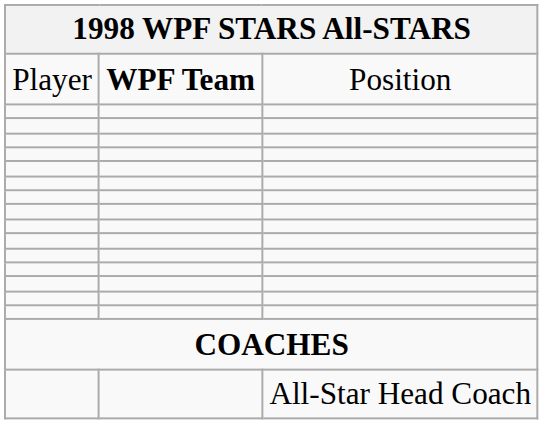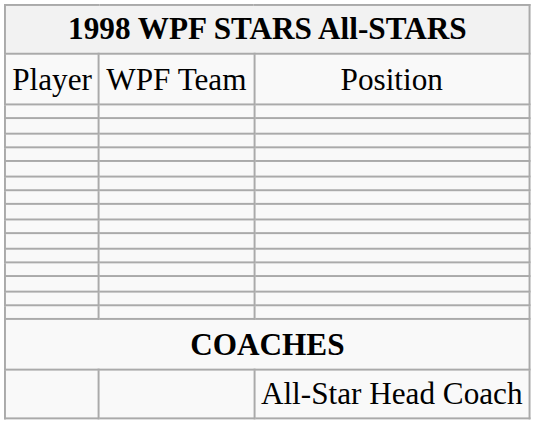 <table class="wikitable" style="text-align:center">
 <tr>
 <th colspan=3>1998 WPF STARS All-STARS</th>
 </tr>
 <tr>
 <td>Player</td>
-<td><strong>WPF Team</strong></td>
+<td>WPF Team</td>
 <td>Position</td>
 </tr>
 <tr>
 <td></td>
 <td></td>
 <td></td>
 </tr>
 <tr>
 <td></td>
 <td></td>
 <td></td>
 </tr>
 <tr>
 <td></td>
 <td></td>
 <td></td>
 </tr>
 <tr>
 <td></td>
 <td></td>
 <td></td>
 </tr>
 <tr>
 <td></td>
 <td></td>
 <td></td>
 </tr>
 <tr>
 <td></td>
 <td></td>
 <td></td>
 </tr>
 <tr>
 <td></td>
 <td></td>
 <td></td>
 </tr>
 <tr>
 <td></td>
 <td></td>
 <td></td>
 </tr>
 <tr>
 <td></td>
 <td></td>
 <td></td>
 </tr>
 <tr>
 <td></td>
 <td></td>
 <td></td>
 </tr>
 <tr>
 <td></td>
 <td></td>
 <td></td>
 </tr>
 <tr>
 <td></td>
 <td></td>
 <td></td>
 </tr>
 <tr>
 <td></td>
 <td></td>
 <td></td>
 </tr>
 <tr>
 <td></td>
 <td></td>
 <td></td>
 </tr>
 <tr>
 <td></td>
 <td></td>
 <td></td>
 </tr>
 <tr>
 <td colspan=3><strong>COACHES</strong></td>
 </tr>
 <tr>
 <td></td>
 <td></td>
 <td>All-Star Head Coach</td>
 </tr>
 </table>
